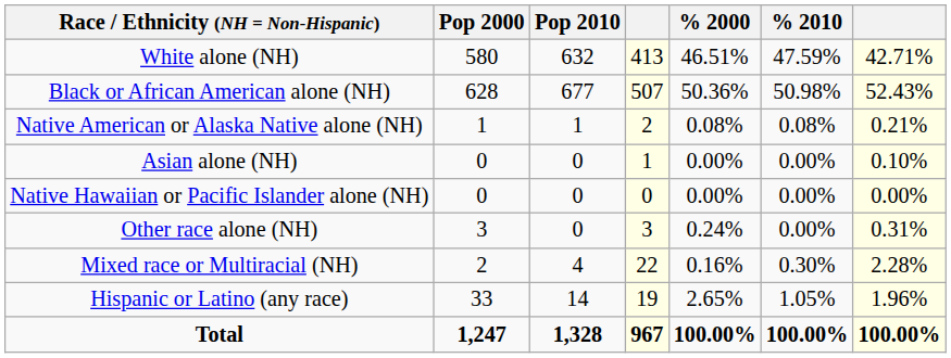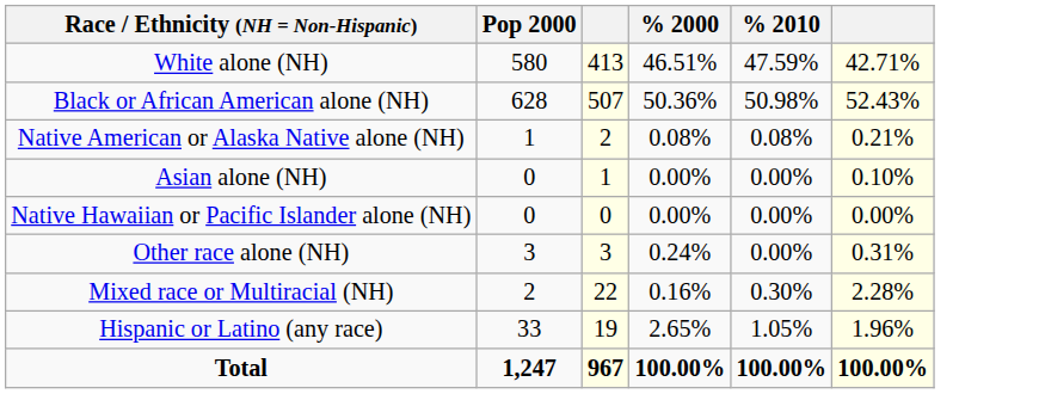 <table class="wikitable" style="text-align:center;">
 <tr>
 <th>Race / Ethnicity <small>(<em>NH = Non-Hispanic</em>)</small></th>
 <th>Pop 2000</th>
-<th>Pop 2010</th>
 <th></th>
 <th>% 2000</th>
 <th>% 2010</th>
 <th></th>
 </tr>
 <tr>
 <td><a href='#'>White</a> alone (NH)</td>
 <td>580</td>
-<td>632</td>
 <td style='background: #ffffe6;'>413</td>
 <td>46.51%</td>
 <td>47.59%</td>
 <td style='background: #ffffe6;'>42.71%</td>
 </tr>
 <tr>
 <td><a href='#'>Black or African American</a> alone (NH)</td>
 <td>628</td>
-<td>677</td>
 <td style='background: #ffffe6;'>507</td>
 <td>50.36%</td>
 <td>50.98%</td>
 <td style='background: #ffffe6;'>52.43%</td>
 </tr>
 <tr>
 <td><a href='#'>Native American</a> or <a href='#'>Alaska Native</a> alone (NH)</td>
-<td>1</td>
 <td>1</td>
 <td style='background: #ffffe6;'>2</td>
 <td>0.08%</td>
 <td>0.08%</td>
 <td style='background: #ffffe6;'>0.21%</td>
 </tr>
 <tr>
 <td><a href='#'>Asian</a> alone (NH)</td>
 <td>0</td>
-<td>0</td>
 <td style='background: #ffffe6;'>1</td>
 <td>0.00%</td>
 <td>0.00%</td>
 <td style='background: #ffffe6;'>0.10%</td>
 </tr>
 <tr>
 <td><a href='#'>Native Hawaiian</a> or <a href='#'>Pacific Islander</a> alone (NH)</td>
-<td>0</td>
 <td>0</td>
 <td style='background: #ffffe6;'>0</td>
 <td>0.00%</td>
 <td>0.00%</td>
 <td style='background: #ffffe6;'>0.00%</td>
 </tr>
 <tr>
 <td><a href='#'>Other race</a> alone (NH)</td>
 <td>3</td>
-<td>0</td>
 <td style='background: #ffffe6;'>3</td>
 <td>0.24%</td>
 <td>0.00%</td>
 <td style='background: #ffffe6;'>0.31%</td>
 </tr>
 <tr>
 <td><a href='#'>Mixed race or Multiracial</a> (NH)</td>
 <td>2</td>
-<td>4</td>
 <td style='background: #ffffe6;'>22</td>
 <td>0.16%</td>
 <td>0.30%</td>
 <td style='background: #ffffe6;'>2.28%</td>
 </tr>
 <tr>
 <td><a href='#'>Hispanic or Latino</a> (any race)</td>
 <td>33</td>
-<td>14</td>
 <td style='background: #ffffe6;'>19</td>
 <td>2.65%</td>
 <td>1.05%</td>
 <td style='background: #ffffe6;'>1.96%</td>
 </tr>
 <tr>
 <td><strong>Total</strong></td>
 <td><strong>1,247</strong></td>
-<td><strong>1,328</strong></td>
 <td style='background: #ffffe6;'><strong>967</strong></td>
 <td><strong>100.00%</strong></td>
 <td><strong>100.00%</strong></td>
 <td style='background: #ffffe6;'><strong>100.00%</strong></td>
 </tr>
 </table>
